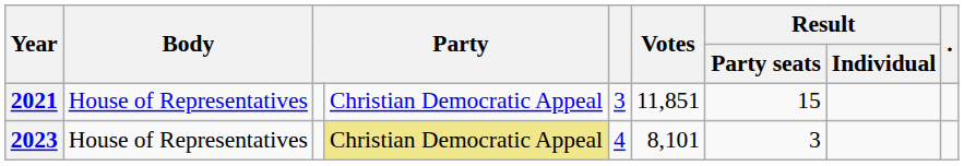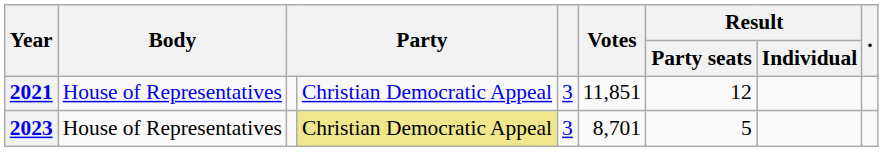 <table class="wikitable plainrowheaders sortable" border=2 cellpadding=4 cellspacing=0 style="border: 1px #aaa solid; font-size: 90%; text-align:center;">
 <tr>
 <th scope="col" rowspan=2>Year</th>
 <th scope="col" rowspan=2>Body</th>
 <th scope="col" colspan=2 rowspan=2>Party</th>
 <th scope="col" rowspan=2></th>
 <th scope="col" rowspan=2>Votes</th>
 <th scope="colgroup" colspan=2>Result</th>
 <th scope="col" rowspan=2 class="unsortable">.</th>
 </tr>
 <tr>
 <th scope="col">Party seats</th>
 <th scope="col">Individual</th>
 </tr>
 <tr>
 <th scope="row"><a href='#'>2021</a></th>
 <td><a href='#'>House of Representatives</a></td>
 <td style="background-color:"></td>
 <td><a href='#'>Christian Democratic Appeal</a></td>
 <td style=text-align:right><a href='#'>3</a></td>
 <td style=text-align:right>11,851</td>
-<td style=text-align:right>15</td>
+<td style=text-align:right>12</td>
 <td></td>
 <td></td>
 </tr>
 <tr>
 <th scope="row"><a href='#'>2023</a></th>
 <td>House of Representatives</td>
 <td style="background-color:"></td>
 <td style="background: khaki;">Christian Democratic Appeal</td>
-<td style=text-align:right><a href='#'>4</a></td>
-<td style=text-align:right>8,101</td>
-<td style=text-align:right>3</td>
+<td style=text-align:right><a href='#'>3</a></td>
+<td style=text-align:right>8,701</td>
+<td style=text-align:right>5</td>
 <td></td>
 <td></td>
 </tr>
 </table>
